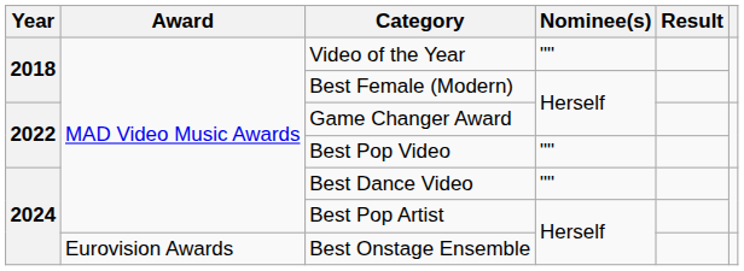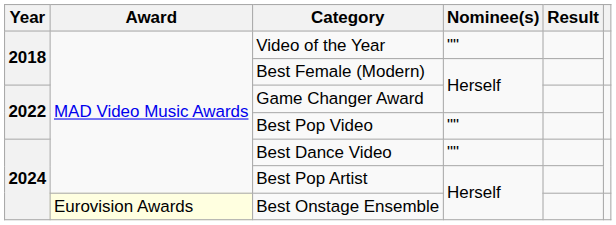 <table class="wikitable sortable plainrowheaders">
 <tr>
 <th scope="col">Year</th>
 <th scope="col">Award</th>
 <th scope="col">Category</th>
 <th scope="col">Nominee(s)</th>
 <th scope="col">Result</th>
 <th scope="col"></th>
 </tr>
 <tr>
 <th rowspan="2">2018</th>
 <td rowspan="6"><a href='#'>MAD Video Music Awards</a></td>
 <td>Video of the Year</td>
 <td>""</td>
 <td></td>
 <td rowspan="2"></td>
 </tr>
 <tr>
 <td>Best Female (Modern)</td>
 <td rowspan="2">Herself</td>
 <td></td>
 </tr>
 <tr>
 <th rowspan="2">2022</th>
 <td>Game Changer Award</td>
 <td></td>
 <td rowspan="2"></td>
 </tr>
 <tr>
 <td>Best Pop Video</td>
 <td>""</td>
 <td></td>
 </tr>
 <tr>
 <th rowspan="3">2024</th>
 <td>Best Dance Video</td>
 <td>""</td>
 <td></td>
 <td rowspan="2"></td>
 </tr>
 <tr>
 <td>Best Pop Artist</td>
 <td rowspan="2">Herself</td>
 <td></td>
 </tr>
 <tr>
-<td>Eurovision Awards</td>
+<td style="background: lightyellow;">Eurovision Awards</td>
 <td>Best Onstage Ensemble</td>
 <td></td>
 <td></td>
 </tr>
 </table>
